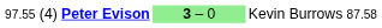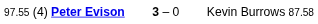 <table style="text-align:center">
 <tr>
 <th width=223></th>
 <th width=100></th>
 <th width=223></th>
 </tr>
 <tr>
 <td align=right><small>97.55</small> (4) <strong><a href='#'>Peter Evison</a></strong> </td>
-<td style="background: lightgreen;"><strong>3</strong> – 0</td>
+<td><strong>3</strong> – 0</td>
 <td align=left> Kevin Burrows <small>87.58</small></td>
 </tr>
 </table>
